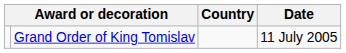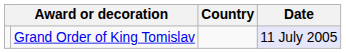 <table class="wikitable" style="text-align:left;">
 <tr>
 <th colspan=2>Award or decoration</th>
 <th>Country</th>
 <th>Date</th>
 </tr>
 <tr>
 <td></td>
 <td><a href='#'>Grand Order of King Tomislav</a></td>
 <td></td>
-<td>11 July 2005</td>
+<td style="background: lavender;">11 July 2005</td>
 </tr>
 </table>
